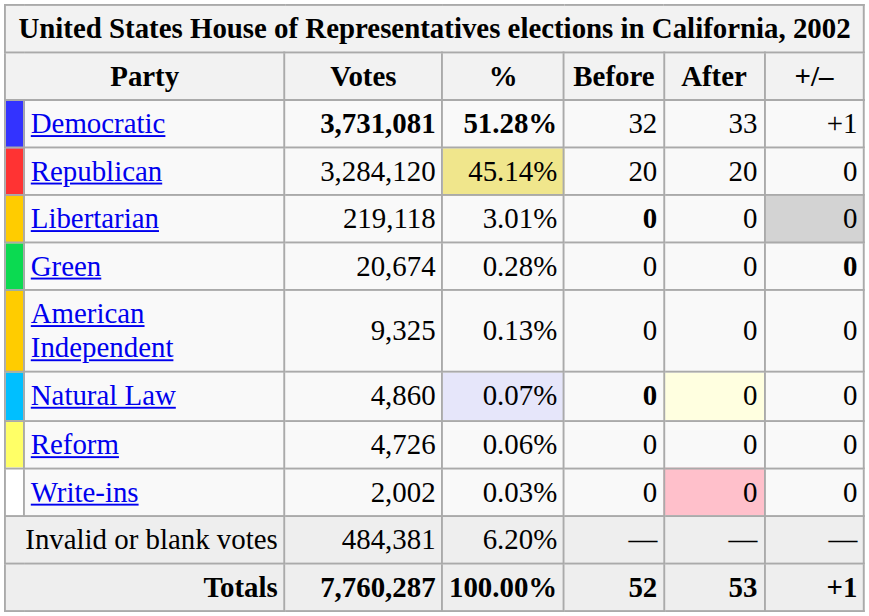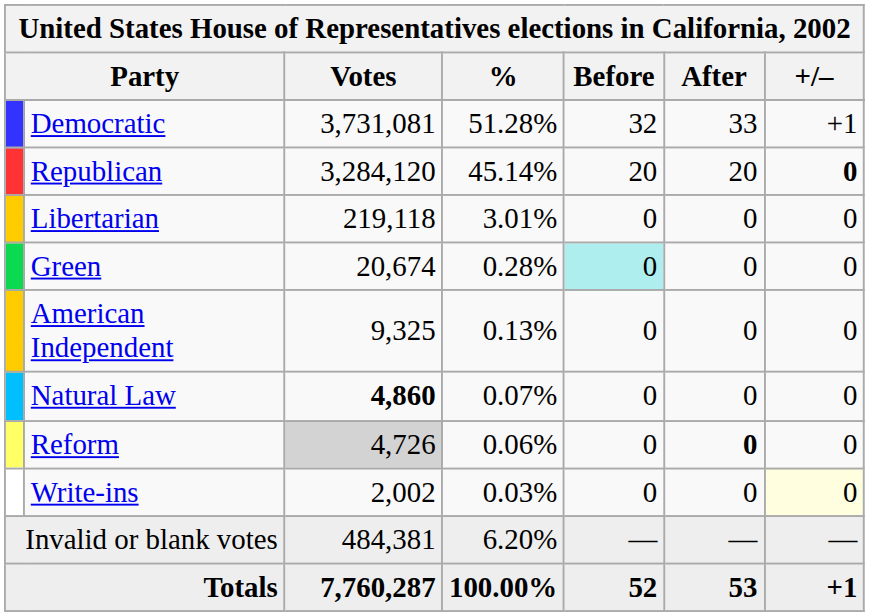 <table class="wikitable" style="font-size: 95%;">
 <tr>
 <th colspan="7">United States House of Representatives elections in California, 2002</th>
 </tr>
 <tr>
 <th colspan=2 style="width: 5em">Party</th>
 <th style="width: 5em">Votes</th>
 <th style="width: 3em">%</th>
 <th style="width: 3em">Before</th>
 <th style="width: 3em">After</th>
 <th style="width: 3em">+/–</th>
 </tr>
 <tr>
 </tr>
 <tr>
 <th style="background-color:#3333FF; width: 3px"></th>
 <td style="width: 130px"><a href='#'>Democratic</a></td>
-<td align="right"><strong>3,731,081</strong></td>
-<td align="right"><strong>51.28%</strong></td>
+<td align="right">3,731,081</td>
+<td align="right">51.28%</td>
 <td align="right">32</td>
 <td align="right">33</td>
 <td align="right">+1</td>
 </tr>
 <tr>
 <th style="background-color:#FF3333; width: 3px"></th>
 <td style="width: 130px"><a href='#'>Republican</a></td>
 <td align="right">3,284,120</td>
-<td align="right" style="background: khaki;">45.14%</td>
+<td align="right">45.14%</td>
 <td align="right">20</td>
 <td align="right">20</td>
-<td align="right">0</td>
+<td align="right"><strong>0</strong></td>
 </tr>
 <tr>
 <th style="background-color:#FFCC00; width: 3px"></th>
 <td style="width: 130px"><a href='#'>Libertarian</a></td>
 <td align="right">219,118</td>
 <td align="right">3.01%</td>
-<td align="right"><strong>0</strong></td>
 <td align="right">0</td>
-<td align="right" style="background: lightgrey;">0</td>
+<td align="right">0</td>
+<td align="right">0</td>
 </tr>
 <tr>
 <th style="background-color:#0BDA51; width: 3px"></th>
 <td style="width: 130px"><a href='#'>Green</a></td>
 <td align="right">20,674</td>
 <td align="right">0.28%</td>
+<td align="right" style="background: paleturquoise;">0</td>
 <td align="right">0</td>
 <td align="right">0</td>
-<td align="right"><strong>0</strong></td>
 </tr>
 <tr>
 <th style="background-color:#FFCC00; width: 3px"></th>
 <td style="width: 130px"><a href='#'>American Independent</a></td>
 <td align="right">9,325</td>
 <td align="right">0.13%</td>
 <td align="right">0</td>
 <td align="right">0</td>
 <td align="right">0</td>
 </tr>
 <tr>
 <th style="background-color:#00BFFF; width: 3px"></th>
 <td style="width: 130px"><a href='#'>Natural Law</a></td>
-<td align="right">4,860</td>
-<td align="right" style="background: lavender;">0.07%</td>
-<td align="right"><strong>0</strong></td>
-<td align="right" style="background: lightyellow;">0</td>
+<td align="right"><strong>4,860</strong></td>
+<td align="right">0.07%</td>
+<td align="right">0</td>
+<td align="right">0</td>
 <td align="right">0</td>
 </tr>
 <tr>
 <th style="background-color:#FFFF66; width: 3px"></th>
 <td style="width: 130px"><a href='#'>Reform</a></td>
-<td align="right">4,726</td>
+<td align="right" style="background: lightgrey;">4,726</td>
 <td align="right">0.06%</td>
 <td align="right">0</td>
-<td align="right">0</td>
+<td align="right"><strong>0</strong></td>
 <td align="right">0</td>
 </tr>
 <tr>
 <th style="background-color:#FFFFFF; width: 3px"></th>
 <td style="width: 130px"><a href='#'>Write-ins</a></td>
 <td align="right">2,002</td>
 <td align="right">0.03%</td>
 <td align="right">0</td>
-<td align="right" style="background: pink;">0</td>
 <td align="right">0</td>
+<td align="right" style="background: lightyellow;">0</td>
 </tr>
 <tr bgcolor="#EEEEEE">
 <td colspan="2" align="right">Invalid or blank votes</td>
 <td align="right">484,381</td>
 <td align="right">6.20%</td>
 <td align="right">—</td>
 <td align="right">—</td>
 <td align="right">—</td>
 </tr>
 <tr bgcolor="#EEEEEE">
 <td colspan="2" align="right"><strong>Totals</strong></td>
 <td align="right"><strong>7,760,287</strong></td>
 <td align="right"><strong>100.00%</strong></td>
 <td align="right"><strong>52</strong></td>
 <td align="right"><strong>53</strong></td>
 <td align="right"><strong>+1</strong></td>
 </tr>
 </table>
